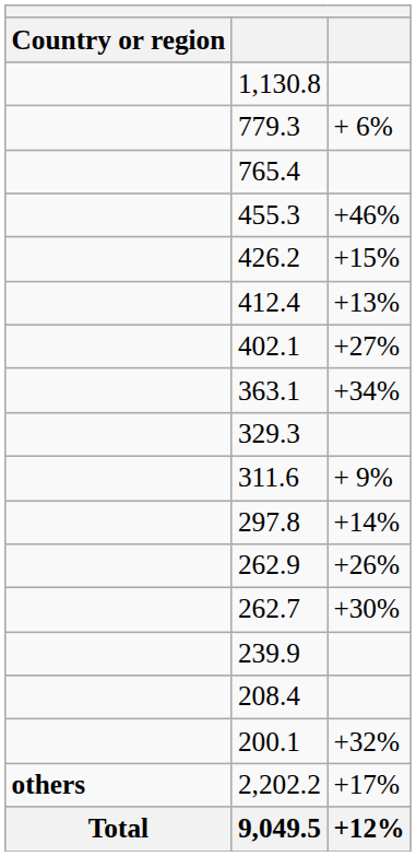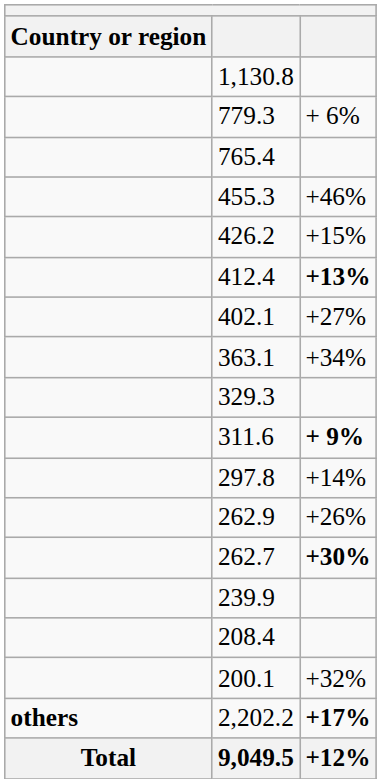 <table class="wikitable defaultcenter col1left">
 <tr>
 <th colspan=3></th>
 </tr>
 <tr>
 <th>Country or region</th>
 <th></th>
 <th></th>
 </tr>
 <tr>
 <td></td>
 <td>1,130.8</td>
 <td></td>
 </tr>
 <tr>
 <td></td>
 <td>779.3</td>
 <td>+ 6%</td>
 </tr>
 <tr>
 <td></td>
 <td>765.4</td>
 <td></td>
 </tr>
 <tr>
 <td></td>
 <td>455.3</td>
 <td>+46%</td>
 </tr>
 <tr>
 <td></td>
 <td>426.2</td>
 <td>+15%</td>
 </tr>
 <tr>
 <td></td>
 <td>412.4</td>
-<td>+13%</td>
+<td><strong>+13%</strong></td>
 </tr>
 <tr>
 <td></td>
 <td>402.1</td>
 <td>+27%</td>
 </tr>
 <tr>
 <td></td>
 <td>363.1</td>
 <td>+34%</td>
 </tr>
 <tr>
 <td></td>
 <td>329.3</td>
 <td></td>
 </tr>
 <tr>
 <td></td>
 <td>311.6</td>
-<td>+ 9%</td>
+<td><strong>+ 9%</strong></td>
 </tr>
 <tr>
 <td></td>
 <td>297.8</td>
 <td>+14%</td>
 </tr>
 <tr>
 <td></td>
 <td>262.9</td>
 <td>+26%</td>
 </tr>
 <tr>
 <td></td>
 <td>262.7</td>
-<td>+30%</td>
+<td><strong>+30%</strong></td>
 </tr>
 <tr>
 <td></td>
 <td>239.9</td>
 <td></td>
 </tr>
 <tr>
 <td></td>
 <td>208.4</td>
 <td></td>
 </tr>
 <tr>
 <td></td>
 <td>200.1</td>
 <td>+32%</td>
 </tr>
 <tr>
 <td><strong>others</strong></td>
 <td>2,202.2</td>
-<td>+17%</td>
+<td><strong>+17%</strong></td>
 </tr>
 <tr>
 <th>Total</th>
 <th>9,049.5</th>
 <th>+12%</th>
 </tr>
 </table>
